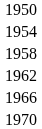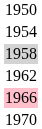 <table>
 <tr>
 <td>1950</td>
 <td></td>
 <td></td>
 <td></td>
 </tr>
 <tr>
 <td>1954</td>
 <td></td>
 <td></td>
 <td></td>
 </tr>
 <tr>
-<td>1958</td>
+<td style="background: lightgrey;">1958</td>
 <td></td>
 <td></td>
 <td></td>
 </tr>
 <tr>
 <td>1962</td>
 <td></td>
 <td></td>
 <td></td>
 </tr>
 <tr>
-<td>1966</td>
+<td style="background: pink;">1966</td>
 <td></td>
 <td></td>
 <td></td>
 </tr>
 <tr>
 <td>1970</td>
 <td></td>
 <td></td>
 <td></td>
 </tr>
 </table>
